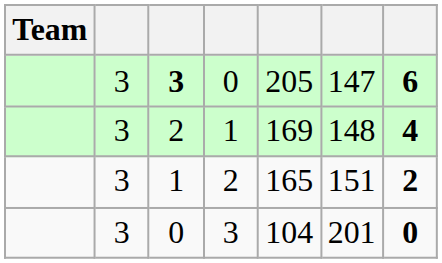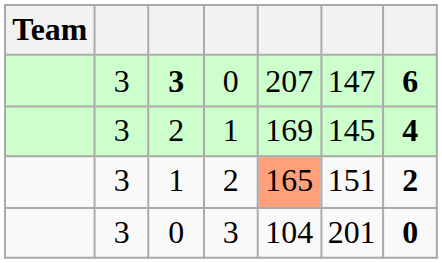 <table class="wikitable" style="text-align:center;">
 <tr>
 <th>Team</th>
 <th width=20></th>
 <th width=20></th>
 <th width=20></th>
 <th width=20></th>
 <th width=20></th>
 <th width=20></th>
 </tr>
 <tr bgcolor="#ccffcc">
 <td align=left></td>
 <td>3</td>
 <td><strong>3</strong></td>
 <td>0</td>
-<td>205</td>
+<td>207</td>
 <td>147</td>
 <td><strong>6</strong></td>
 </tr>
 <tr bgcolor="#ccffcc">
 <td align=left></td>
 <td>3</td>
 <td>2</td>
 <td>1</td>
 <td>169</td>
-<td>148</td>
+<td>145</td>
 <td><strong>4</strong></td>
 </tr>
 <tr>
 <td align=left></td>
 <td>3</td>
 <td>1</td>
 <td>2</td>
-<td>165</td>
+<td style="background: lightsalmon;">165</td>
 <td>151</td>
 <td><strong>2</strong></td>
 </tr>
 <tr>
 <td align=left></td>
 <td>3</td>
 <td>0</td>
 <td>3</td>
 <td>104</td>
 <td>201</td>
 <td><strong>0</strong></td>
 </tr>
 </table>
